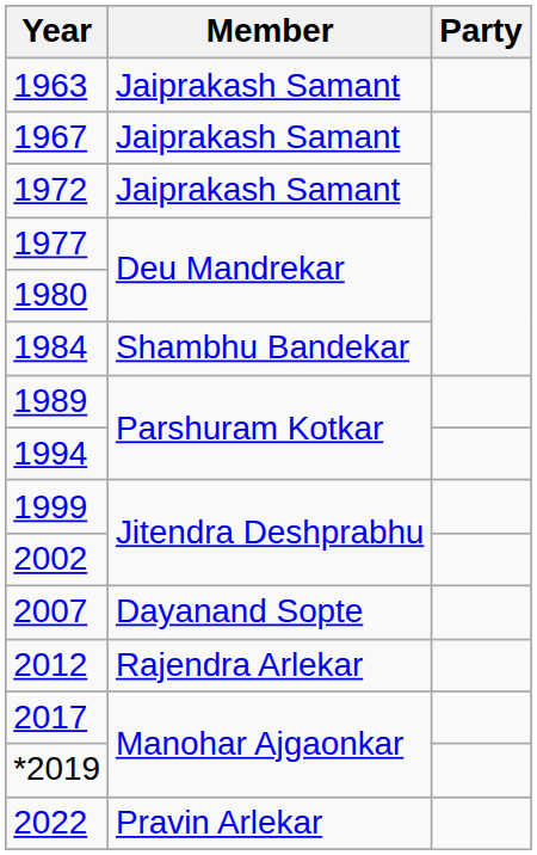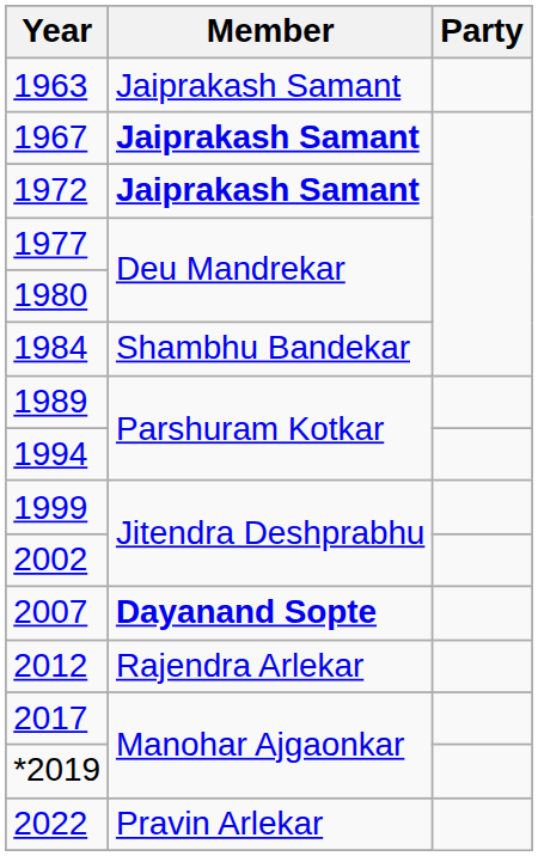 <table class="wikitable sortable">
 <tr>
 <th>Year</th>
 <th>Member</th>
 <th colspan="2">Party</th>
 </tr>
 <tr>
 <td><a href='#'>1963</a></td>
 <td><a href='#'>Jaiprakash Samant</a></td>
 <td></td>
 </tr>
 <tr>
 <td><a href='#'>1967</a></td>
-<td><a href='#'>Jaiprakash Samant</a></td>
+<td><strong><a href='#'>Jaiprakash Samant</a></strong></td>
 </tr>
 <tr>
 <td><a href='#'>1972</a></td>
-<td><a href='#'>Jaiprakash Samant</a></td>
+<td><strong><a href='#'>Jaiprakash Samant</a></strong></td>
 </tr>
 <tr>
 <td><a href='#'>1977</a></td>
 <td rowspan=2><a href='#'>Deu Mandrekar</a></td>
 </tr>
 <tr>
 <td><a href='#'>1980</a></td>
 </tr>
 <tr>
 <td><a href='#'>1984</a></td>
 <td><a href='#'>Shambhu Bandekar</a></td>
 </tr>
 <tr>
 <td><a href='#'>1989</a></td>
 <td rowspan=2><a href='#'>Parshuram Kotkar</a></td>
 <td></td>
 </tr>
 <tr>
 <td><a href='#'>1994</a></td>
 </tr>
 <tr>
 <td><a href='#'>1999</a></td>
 <td rowspan=2><a href='#'>Jitendra Deshprabhu</a></td>
 <td></td>
 </tr>
 <tr>
 <td><a href='#'>2002</a></td>
 </tr>
 <tr>
 <td><a href='#'>2007</a></td>
-<td><a href='#'>Dayanand Sopte</a></td>
+<td><strong><a href='#'>Dayanand Sopte</a></strong></td>
 <td></td>
 </tr>
 <tr>
 <td><a href='#'>2012</a></td>
 <td><a href='#'>Rajendra Arlekar</a></td>
 </tr>
 <tr>
 <td rowspan=1><a href='#'>2017</a></td>
 <td rowspan=2><a href='#'>Manohar Ajgaonkar</a></td>
 <td></td>
 </tr>
 <tr>
 <td>*2019</td>
 <td></td>
 </tr>
 <tr>
 <td><a href='#'>2022</a></td>
 <td><a href='#'>Pravin Arlekar</a></td>
 </tr>
 <tr>
 </tr>
 </table>
